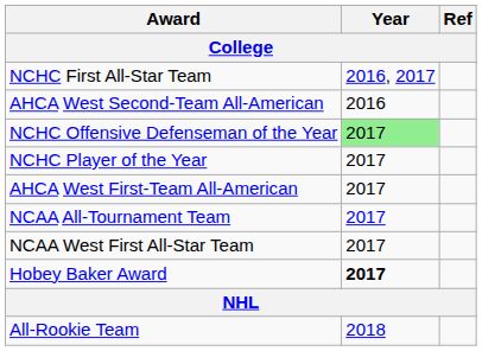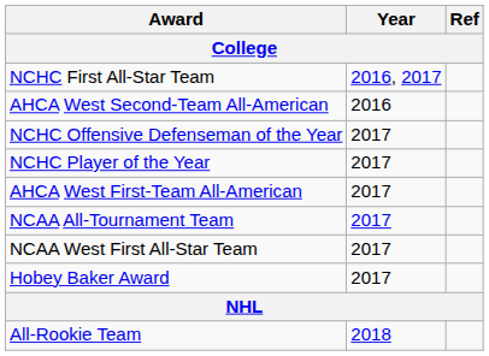 <table class="wikitable">
 <tr>
 <th>Award</th>
 <th>Year</th>
 <th>Ref</th>
 </tr>
 <tr>
 <th colspan="3"><a href='#'>College</a></th>
 </tr>
 <tr>
 <td><a href='#'>NCHC</a> First All-Star Team</td>
 <td><a href='#'>2016</a>, <a href='#'>2017</a></td>
 <td></td>
 </tr>
 <tr>
 <td><a href='#'>AHCA</a> <a href='#'>West Second-Team All-American</a></td>
 <td>2016</td>
 <td></td>
 </tr>
 <tr>
 <td><a href='#'>NCHC Offensive Defenseman of the Year</a></td>
-<td style="background: lightgreen;">2017</td>
+<td>2017</td>
 <td></td>
 </tr>
 <tr>
 <td><a href='#'>NCHC Player of the Year</a></td>
 <td>2017</td>
 <td></td>
 </tr>
 <tr>
 <td><a href='#'>AHCA</a> <a href='#'>West First-Team All-American</a></td>
 <td>2017</td>
 <td></td>
 </tr>
 <tr>
 <td><a href='#'>NCAA</a> <a href='#'>All-Tournament Team</a></td>
 <td><a href='#'>2017</a></td>
 <td></td>
 </tr>
 <tr>
 <td>NCAA West First All-Star Team</td>
 <td>2017</td>
 <td></td>
 </tr>
 <tr>
 <td><a href='#'>Hobey Baker Award</a></td>
-<td><strong>2017</strong></td>
+<td>2017</td>
 <td></td>
 </tr>
 <tr>
 <th colspan="3"><a href='#'>NHL</a></th>
 </tr>
 <tr>
 <td><a href='#'>All-Rookie Team</a></td>
 <td><a href='#'>2018</a></td>
 <td></td>
 </tr>
 </table>
